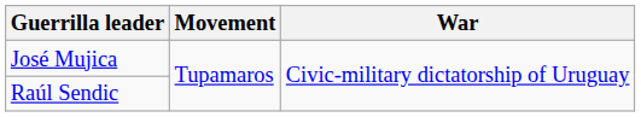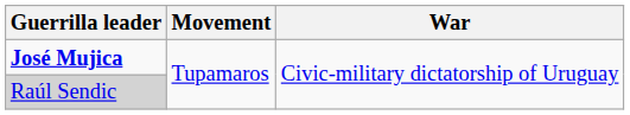 <table class="wikitable">
 <tr>
 <th>Guerrilla leader</th>
 <th>Movement</th>
 <th>War</th>
 </tr>
 <tr>
-<td><a href='#'>José Mujica</a></td>
+<td><strong><a href='#'>José Mujica</a></strong></td>
 <td rowspan="2"><a href='#'>Tupamaros</a></td>
 <td rowspan="2"><a href='#'>Civic-military dictatorship of Uruguay</a></td>
 </tr>
 <tr>
-<td><a href='#'>Raúl Sendic</a></td>
+<td style="background: lightgrey;"><a href='#'>Raúl Sendic</a></td>
 </tr>
 </table>
